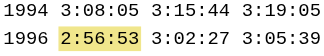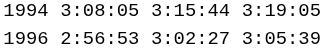 <table>
 <tr>
 <td>1994</td>
 <td></td>
 <td>3:08:05</td>
 <td></td>
 <td>3:15:44</td>
 <td></td>
 <td>3:19:05</td>
 </tr>
 <tr>
 <td>1996</td>
 <td></td>
-<td style="background: khaki;">2:56:53</td>
+<td>2:56:53</td>
 <td></td>
 <td>3:02:27</td>
 <td></td>
 <td>3:05:39</td>
 </tr>
 </table>
